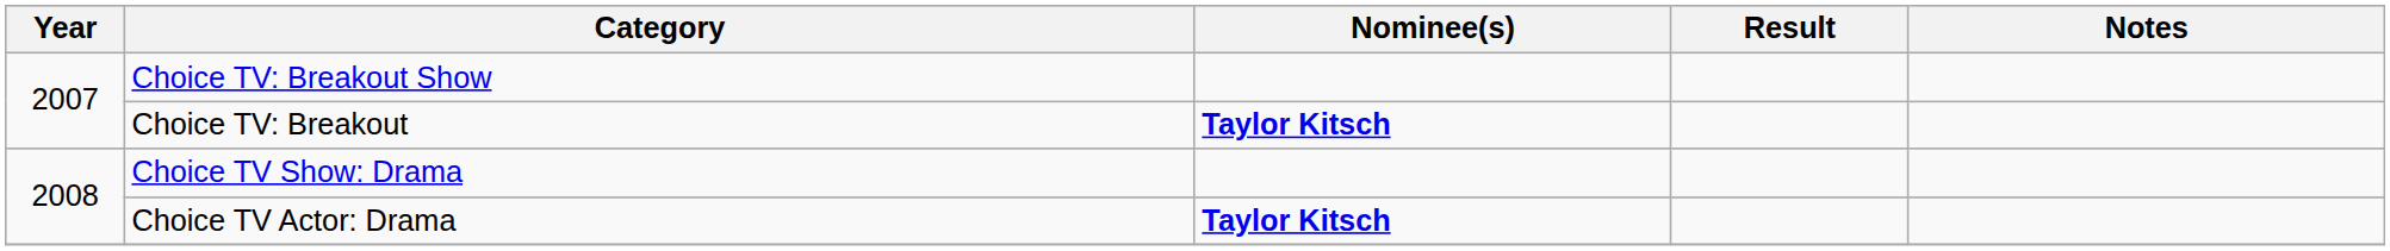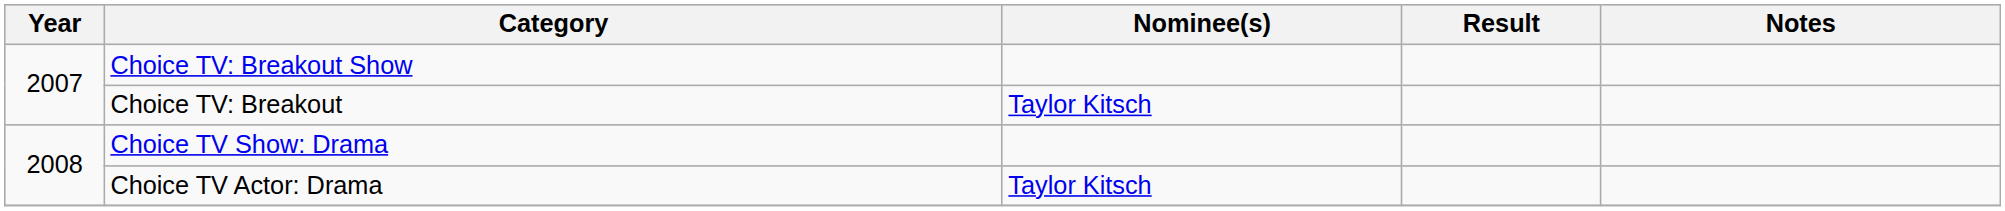 <table class="wikitable" width="100%" cellpadding="5">
 <tr>
 <th width="5%">Year</th>
 <th width="45%">Category</th>
 <th width="20%">Nominee(s)</th>
 <th width="10%">Result</th>
 <th width="20%">Notes</th>
 </tr>
 <tr>
 <td style="text-align:center;" rowspan="2">2007</td>
 <td><a href='#'>Choice TV: Breakout Show</a></td>
 <td></td>
 <td></td>
 <td></td>
 </tr>
 <tr>
 <td>Choice TV: Breakout</td>
-<td><strong><a href='#'>Taylor Kitsch</a></strong></td>
+<td><a href='#'>Taylor Kitsch</a></td>
 <td></td>
 <td></td>
 </tr>
 <tr>
 <td style="text-align:center;" rowspan="2">2008</td>
 <td><a href='#'>Choice TV Show: Drama</a></td>
 <td></td>
 <td></td>
 <td></td>
 </tr>
 <tr>
 <td>Choice TV Actor: Drama</td>
-<td><strong><a href='#'>Taylor Kitsch</a></strong></td>
+<td><a href='#'>Taylor Kitsch</a></td>
 <td></td>
 <td></td>
 </tr>
 <tr>
 </tr>
 </table>
